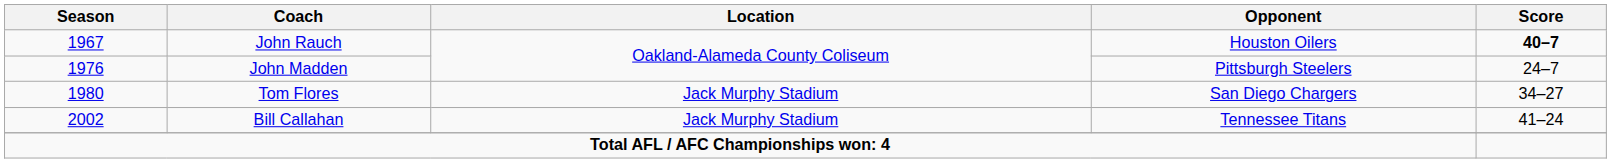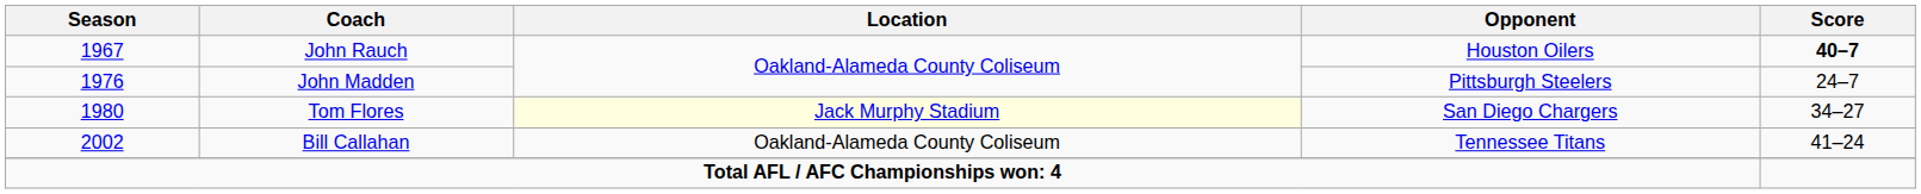 <table class="wikitable" style="width:80%;text-align:center">
 <tr>
 <th>Season</th>
 <th>Coach</th>
 <th>Location</th>
 <th>Opponent</th>
 <th>Score</th>
 </tr>
 <tr>
 <td><a href='#'>1967</a></td>
 <td><a href='#'>John Rauch</a></td>
 <td rowspan="2"><a href='#'>Oakland-Alameda County Coliseum</a></td>
 <td><a href='#'>Houston Oilers</a></td>
 <td><strong>40–7</strong></td>
 </tr>
 <tr>
 <td><a href='#'>1976</a></td>
 <td><a href='#'>John Madden</a></td>
 <td><a href='#'>Pittsburgh Steelers</a></td>
 <td>24–7</td>
 </tr>
 <tr>
 <td><a href='#'>1980</a></td>
 <td><a href='#'>Tom Flores</a></td>
-<td><a href='#'>Jack Murphy Stadium</a></td>
+<td style="background: lightyellow;"><a href='#'>Jack Murphy Stadium</a></td>
 <td><a href='#'>San Diego Chargers</a></td>
 <td>34–27</td>
 </tr>
 <tr>
 <td><a href='#'>2002</a></td>
 <td><a href='#'>Bill Callahan</a></td>
-<td><a href='#'>Jack Murphy Stadium</a></td>
+<td>Oakland-Alameda County Coliseum</td>
 <td><a href='#'>Tennessee Titans</a></td>
 <td>41–24</td>
 </tr>
 <tr>
 </tr>
 <tr>
 <td colspan="4"><strong>Total AFL / AFC Championships won: 4</strong></td>
 <td></td>
 </tr>
 </table>
